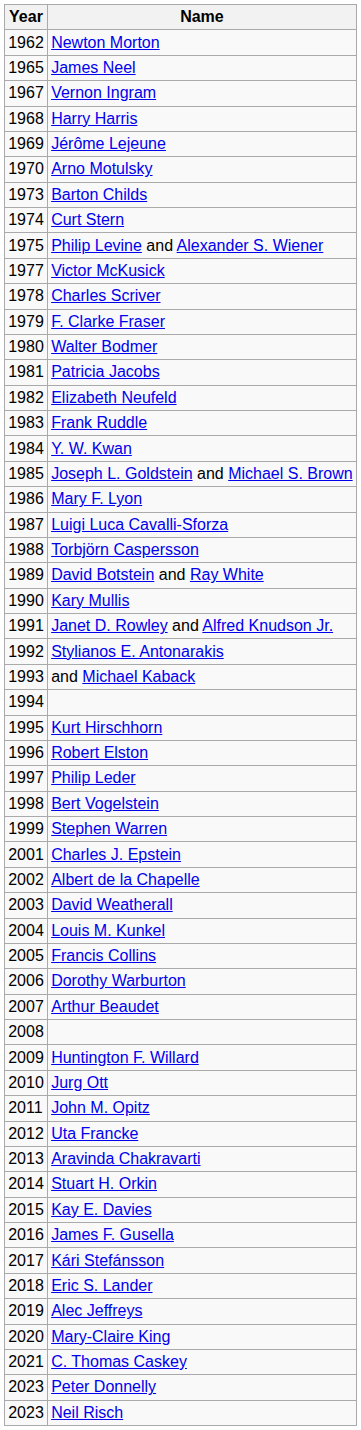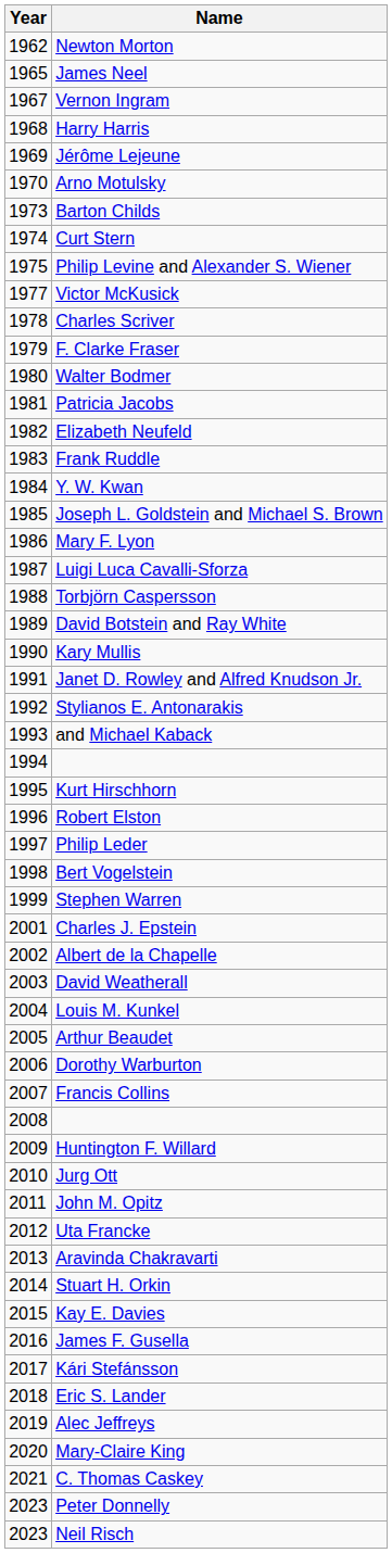 <table class="wikitable" align=center>
 <tr>
 <th>Year</th>
 <th>Name</th>
 </tr>
 <tr>
 <td>1962</td>
 <td><a href='#'>Newton Morton</a></td>
 </tr>
 <tr>
 <td>1965</td>
 <td><a href='#'>James Neel</a></td>
 </tr>
 <tr>
 <td>1967</td>
 <td><a href='#'>Vernon Ingram</a></td>
 </tr>
 <tr>
 <td>1968</td>
 <td><a href='#'>Harry Harris</a></td>
 </tr>
 <tr>
 <td>1969</td>
 <td><a href='#'>Jérôme Lejeune</a></td>
 </tr>
 <tr>
 <td>1970</td>
 <td><a href='#'>Arno Motulsky</a></td>
 </tr>
 <tr>
 <td>1973</td>
 <td><a href='#'>Barton Childs</a></td>
 </tr>
 <tr>
 <td>1974</td>
 <td><a href='#'>Curt Stern</a></td>
 </tr>
 <tr>
 <td>1975</td>
 <td><a href='#'>Philip Levine</a> and <a href='#'>Alexander S. Wiener</a></td>
 </tr>
 <tr>
 <td>1977</td>
 <td><a href='#'>Victor McKusick</a></td>
 </tr>
 <tr>
 <td>1978</td>
 <td><a href='#'>Charles Scriver</a></td>
 </tr>
 <tr>
 <td>1979</td>
 <td><a href='#'>F. Clarke Fraser</a></td>
 </tr>
 <tr>
 <td>1980</td>
 <td><a href='#'>Walter Bodmer</a></td>
 </tr>
 <tr>
 <td>1981</td>
 <td><a href='#'>Patricia Jacobs</a></td>
 </tr>
 <tr>
 <td>1982</td>
 <td><a href='#'>Elizabeth Neufeld</a></td>
 </tr>
 <tr>
 <td>1983</td>
 <td><a href='#'>Frank Ruddle</a></td>
 </tr>
 <tr>
 <td>1984</td>
 <td><a href='#'>Y. W. Kwan</a></td>
 </tr>
 <tr>
 <td>1985</td>
 <td><a href='#'>Joseph L. Goldstein</a> and <a href='#'>Michael S. Brown</a></td>
 </tr>
 <tr>
 <td>1986</td>
 <td><a href='#'>Mary F. Lyon</a></td>
 </tr>
 <tr>
 <td>1987</td>
 <td><a href='#'>Luigi Luca Cavalli-Sforza</a></td>
 </tr>
 <tr>
 <td>1988</td>
 <td><a href='#'>Torbjörn Caspersson</a></td>
 </tr>
 <tr>
 <td>1989</td>
 <td><a href='#'>David Botstein</a> and <a href='#'>Ray White</a></td>
 </tr>
 <tr>
 <td>1990</td>
 <td><a href='#'>Kary Mullis</a></td>
 </tr>
 <tr>
 <td>1991</td>
 <td><a href='#'>Janet D. Rowley</a> and <a href='#'>Alfred Knudson Jr.</a></td>
 </tr>
 <tr>
 <td>1992</td>
 <td><a href='#'>Stylianos E. Antonarakis</a></td>
 </tr>
 <tr>
 <td>1993</td>
 <td> and <a href='#'>Michael Kaback</a></td>
 </tr>
 <tr>
 <td>1994</td>
 <td></td>
 </tr>
 <tr>
 <td>1995</td>
 <td><a href='#'>Kurt Hirschhorn</a></td>
 </tr>
 <tr>
 <td>1996</td>
 <td><a href='#'>Robert Elston</a></td>
 </tr>
 <tr>
 <td>1997</td>
 <td><a href='#'>Philip Leder</a></td>
 </tr>
 <tr>
 <td>1998</td>
 <td><a href='#'>Bert Vogelstein</a></td>
 </tr>
 <tr>
 <td>1999</td>
 <td><a href='#'>Stephen Warren</a></td>
 </tr>
 <tr>
 <td>2001</td>
 <td><a href='#'>Charles J. Epstein</a></td>
 </tr>
 <tr>
 <td>2002</td>
 <td><a href='#'>Albert de la Chapelle</a></td>
 </tr>
 <tr>
 <td>2003</td>
 <td><a href='#'>David Weatherall</a></td>
 </tr>
 <tr>
 <td>2004</td>
 <td><a href='#'>Louis M. Kunkel</a></td>
 </tr>
 <tr>
 <td>2005</td>
-<td><a href='#'>Francis Collins</a></td>
+<td><a href='#'>Arthur Beaudet</a></td>
 </tr>
 <tr>
 <td>2006</td>
 <td><a href='#'>Dorothy Warburton</a></td>
 </tr>
 <tr>
 <td>2007</td>
-<td><a href='#'>Arthur Beaudet</a></td>
+<td><a href='#'>Francis Collins</a></td>
 </tr>
 <tr>
 <td>2008</td>
 <td></td>
 </tr>
 <tr>
 <td>2009</td>
 <td><a href='#'>Huntington F. Willard</a></td>
 </tr>
 <tr>
 <td>2010</td>
 <td><a href='#'>Jurg Ott</a></td>
 </tr>
 <tr>
 <td>2011</td>
 <td><a href='#'>John M. Opitz</a></td>
 </tr>
 <tr>
 <td>2012</td>
 <td><a href='#'>Uta Francke</a></td>
 </tr>
 <tr>
 <td>2013</td>
 <td><a href='#'>Aravinda Chakravarti</a></td>
 </tr>
 <tr>
 <td>2014</td>
 <td><a href='#'>Stuart H. Orkin</a></td>
 </tr>
 <tr>
 <td>2015</td>
 <td><a href='#'>Kay E. Davies</a></td>
 </tr>
 <tr>
 <td>2016</td>
 <td><a href='#'>James F. Gusella</a></td>
 </tr>
 <tr>
 <td>2017</td>
 <td><a href='#'>Kári Stefánsson</a></td>
 </tr>
 <tr>
 <td>2018</td>
 <td><a href='#'>Eric S. Lander</a></td>
 </tr>
 <tr>
 <td>2019</td>
 <td><a href='#'>Alec Jeffreys</a></td>
 </tr>
 <tr>
 <td>2020</td>
 <td><a href='#'>Mary-Claire King</a></td>
 </tr>
 <tr>
 <td>2021</td>
 <td><a href='#'>C. Thomas Caskey</a></td>
 </tr>
 <tr>
 <td>2023</td>
 <td><a href='#'>Peter Donnelly</a></td>
 </tr>
 <tr>
 <td>2023</td>
 <td><a href='#'>Neil Risch</a></td>
 </tr>
 <tr>
 </tr>
 </table>
